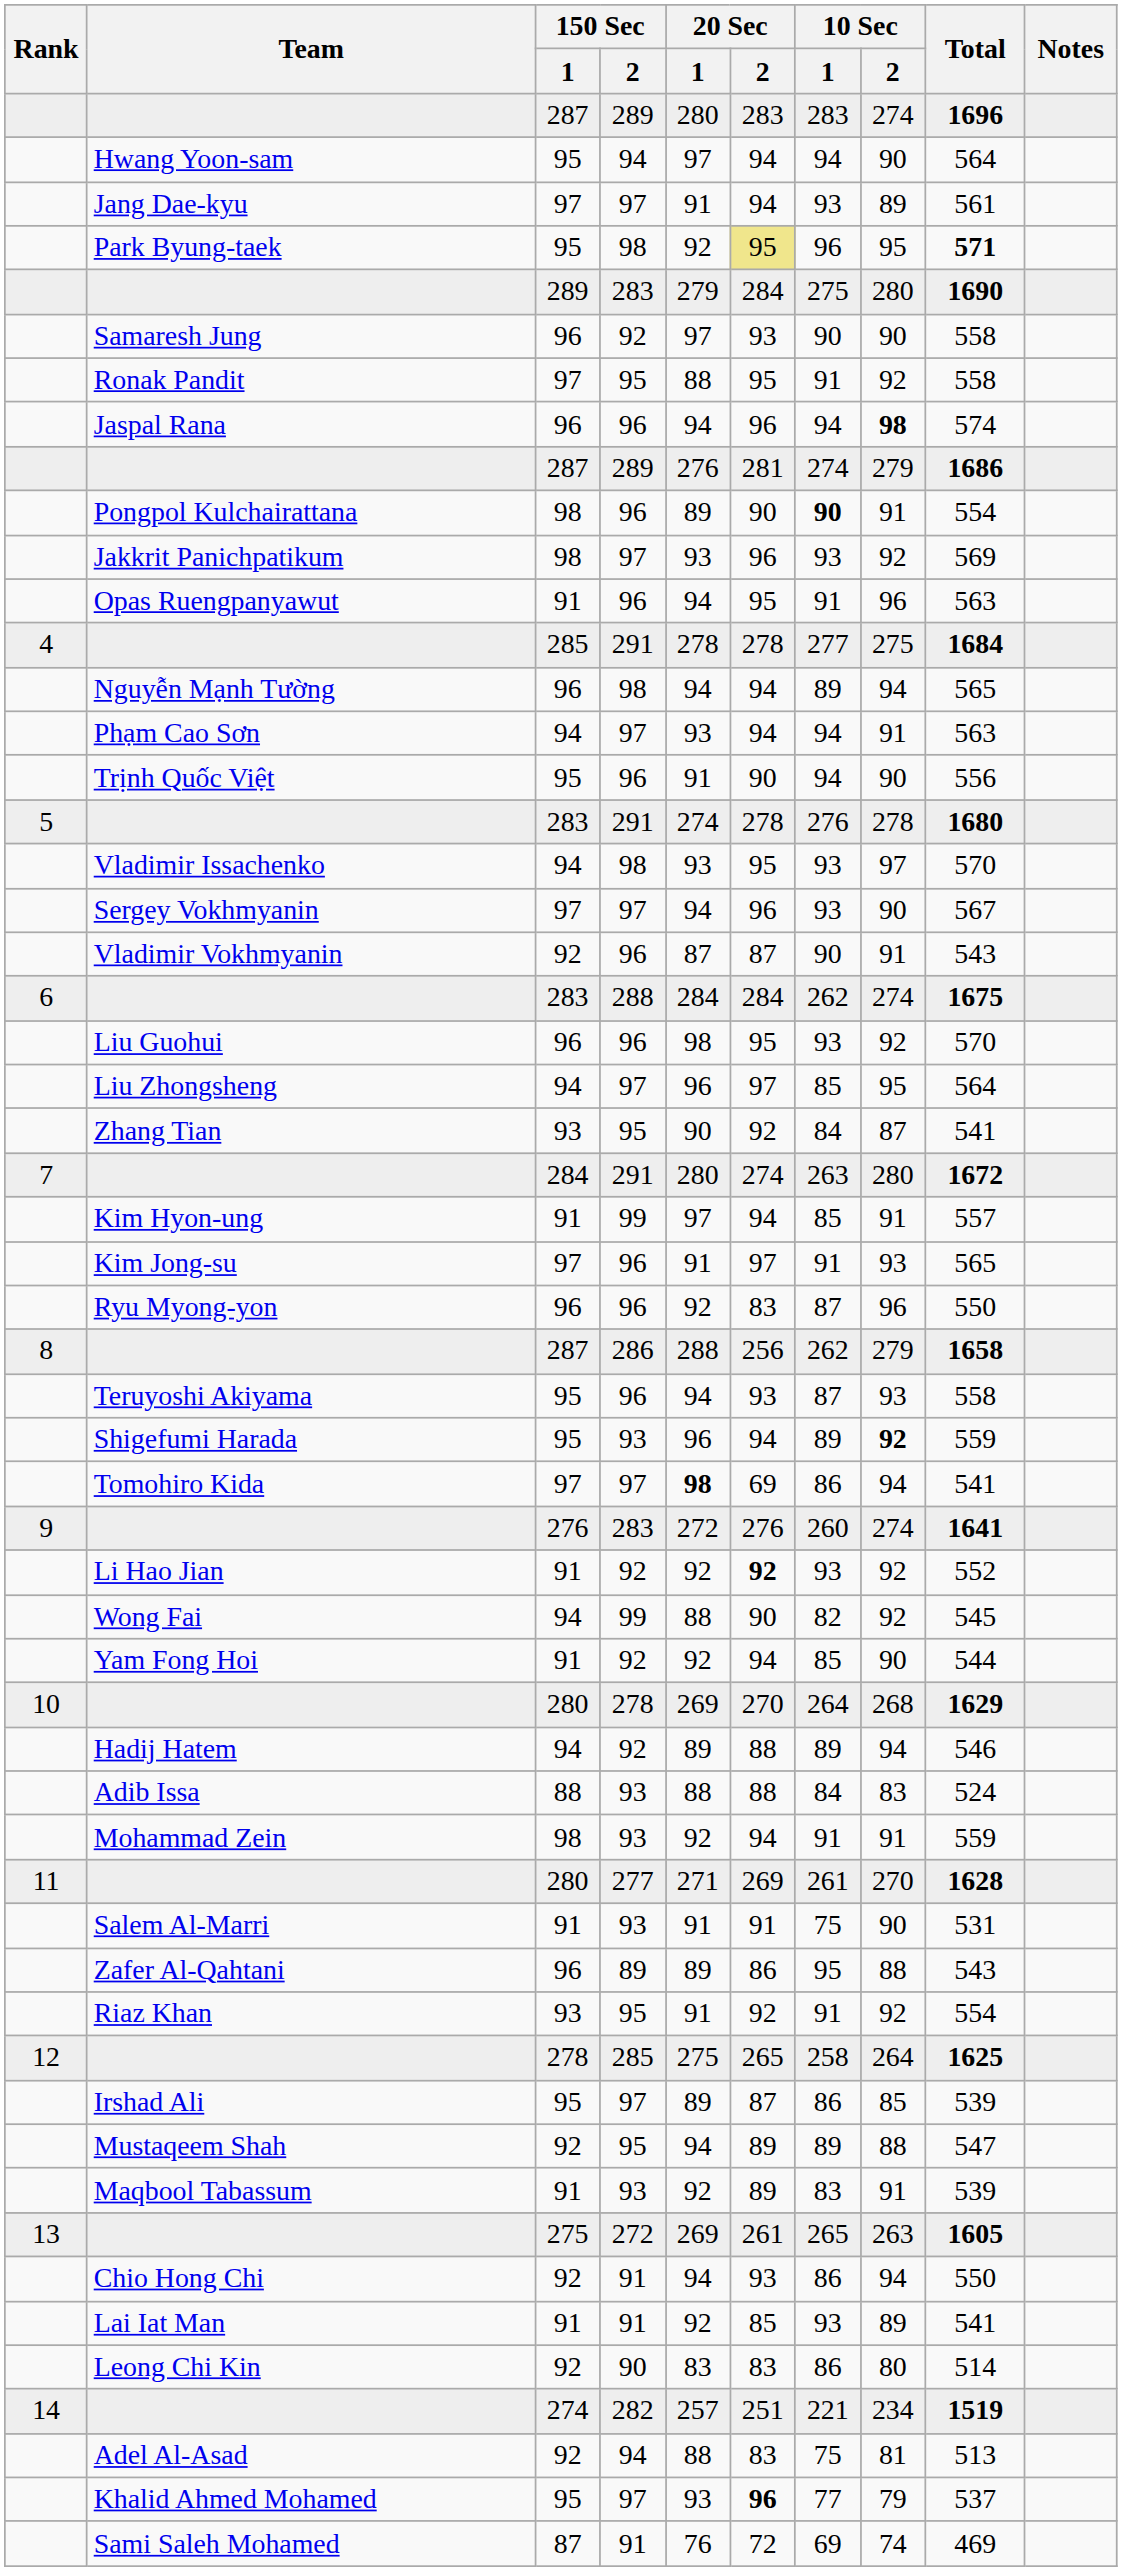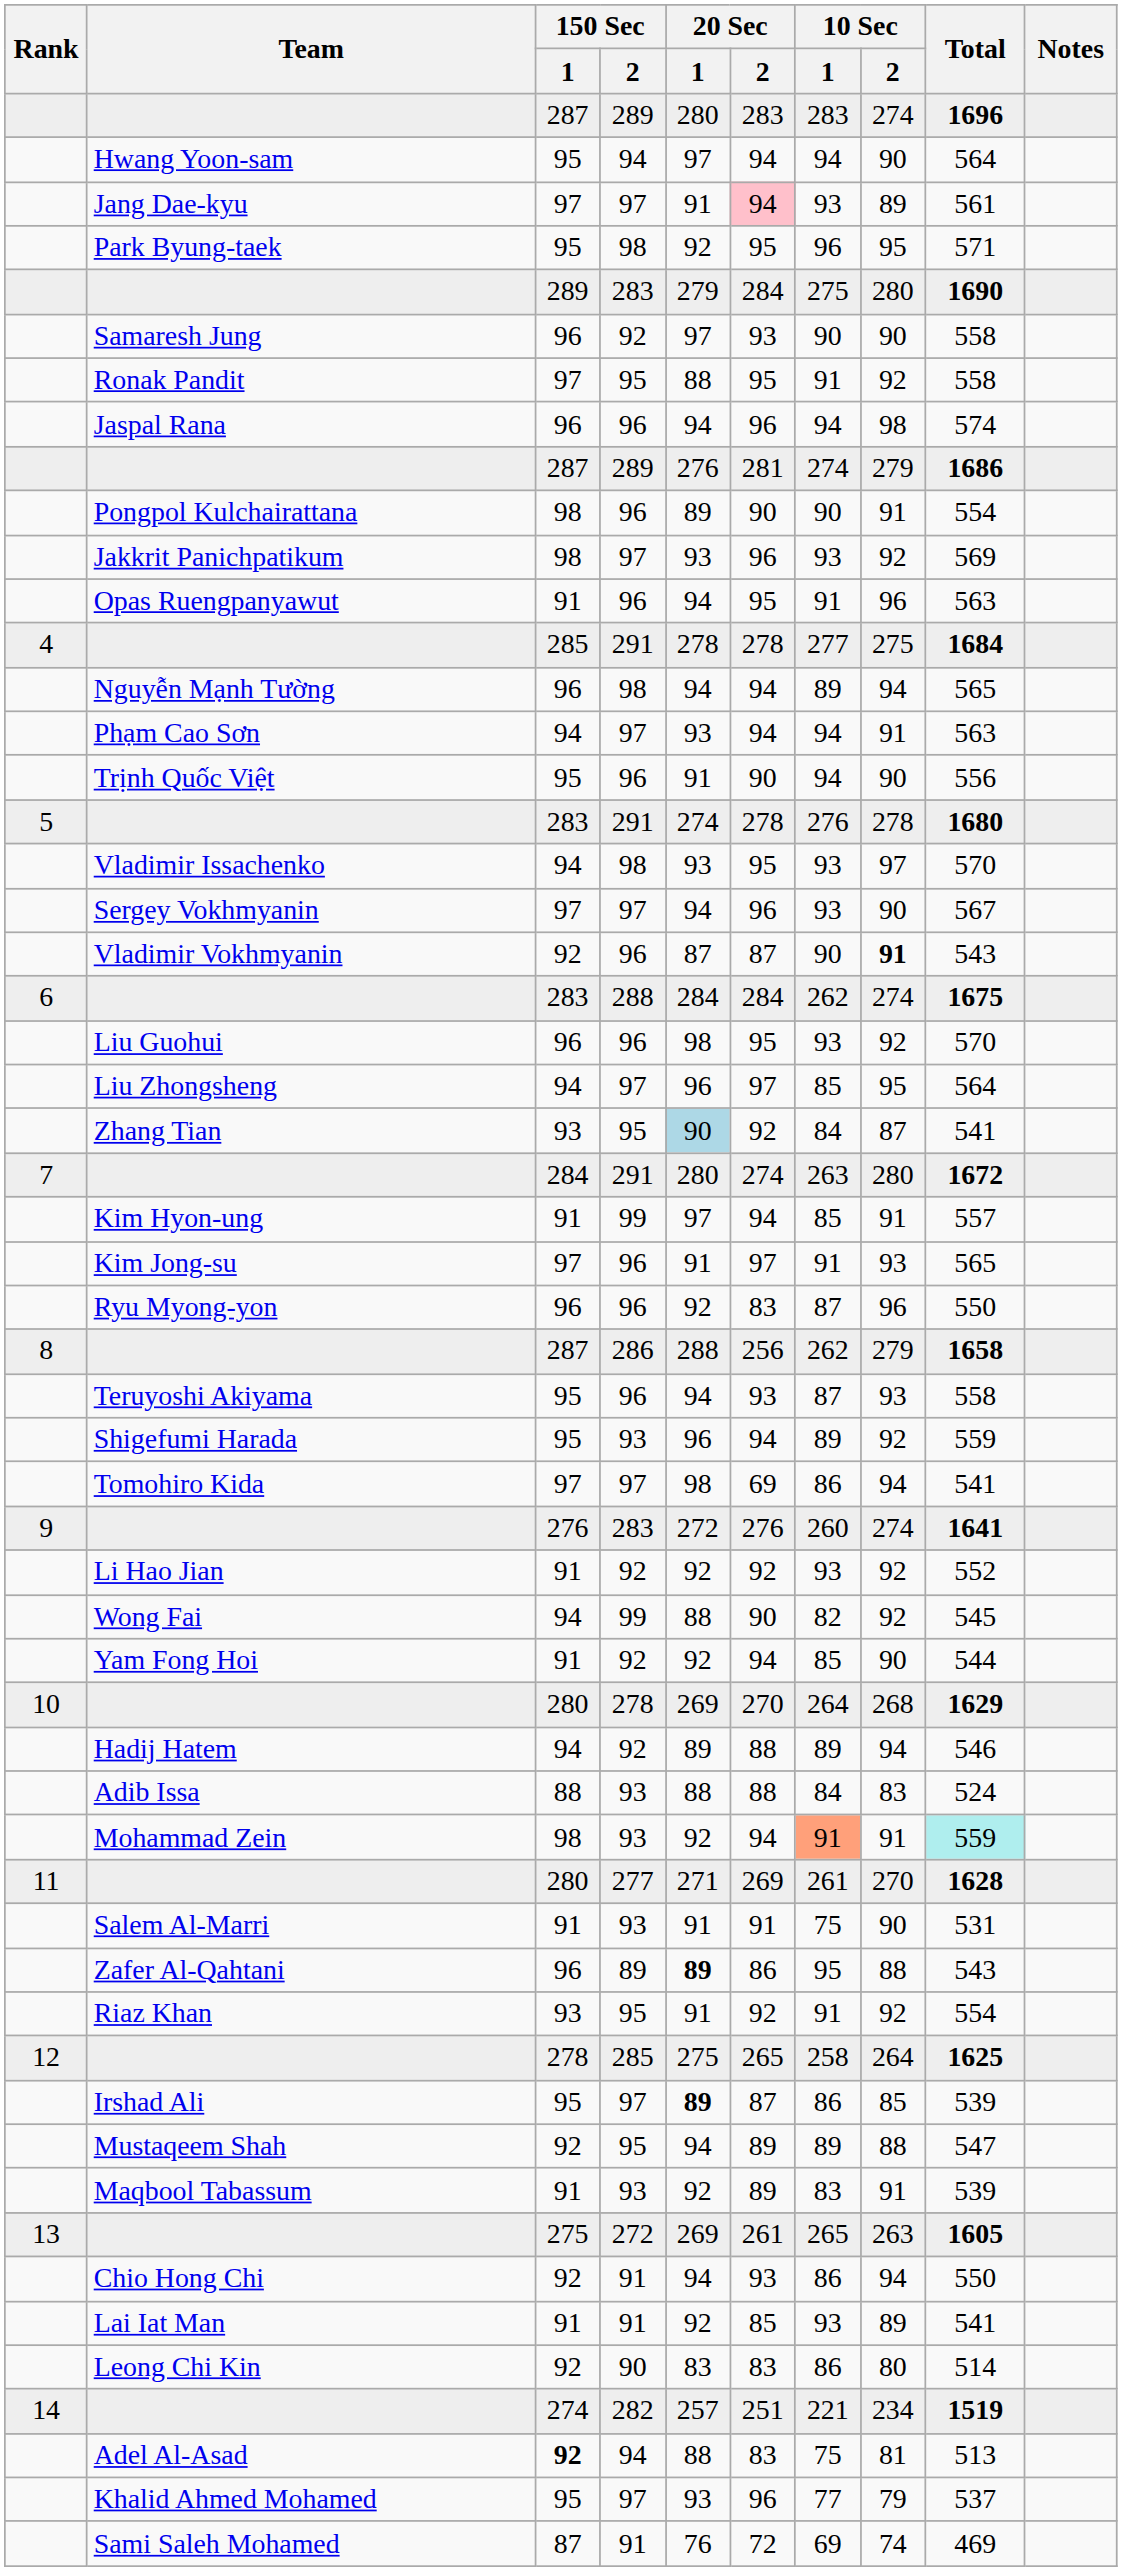 <table class="wikitable" style="text-align:center">
 <tr>
 <th rowspan=2 width=40>Rank</th>
 <th rowspan=2 width=250>Team</th>
 <th colspan=2>150 Sec</th>
 <th colspan=2>20 Sec</th>
 <th colspan=2>10 Sec</th>
 <th rowspan=2 width=50>Total</th>
 <th rowspan=2 width=45>Notes</th>
 </tr>
 <tr>
 <th width=30>1</th>
 <th width=30>2</th>
 <th width=30>1</th>
 <th width=30>2</th>
 <th width=30>1</th>
 <th width=30>2</th>
 </tr>
 <tr bgcolor=eeeeee>
 <td></td>
 <td align=left></td>
 <td>287</td>
 <td>289</td>
 <td>280</td>
 <td>283</td>
 <td>283</td>
 <td>274</td>
 <td><strong>1696</strong></td>
 <td></td>
 </tr>
 <tr>
 <td></td>
 <td align=left><a href='#'>Hwang Yoon-sam</a></td>
 <td>95</td>
 <td>94</td>
 <td>97</td>
 <td>94</td>
 <td>94</td>
 <td>90</td>
 <td>564</td>
 <td></td>
 </tr>
 <tr>
 <td></td>
 <td align=left><a href='#'>Jang Dae-kyu</a></td>
 <td>97</td>
 <td>97</td>
 <td>91</td>
-<td>94</td>
+<td style="background: pink;">94</td>
 <td>93</td>
 <td>89</td>
 <td>561</td>
 <td></td>
 </tr>
 <tr>
 <td></td>
 <td align=left><a href='#'>Park Byung-taek</a></td>
 <td>95</td>
 <td>98</td>
 <td>92</td>
-<td style="background: khaki;">95</td>
+<td>95</td>
 <td>96</td>
 <td>95</td>
-<td><strong>571</strong></td>
+<td>571</td>
 <td></td>
 </tr>
 <tr bgcolor=eeeeee>
 <td></td>
 <td align=left></td>
 <td>289</td>
 <td>283</td>
 <td>279</td>
 <td>284</td>
 <td>275</td>
 <td>280</td>
 <td><strong>1690</strong></td>
 <td></td>
 </tr>
 <tr>
 <td></td>
 <td align=left><a href='#'>Samaresh Jung</a></td>
 <td>96</td>
 <td>92</td>
 <td>97</td>
 <td>93</td>
 <td>90</td>
 <td>90</td>
 <td>558</td>
 <td></td>
 </tr>
 <tr>
 <td></td>
 <td align=left><a href='#'>Ronak Pandit</a></td>
 <td>97</td>
 <td>95</td>
 <td>88</td>
 <td>95</td>
 <td>91</td>
 <td>92</td>
 <td>558</td>
 <td></td>
 </tr>
 <tr>
 <td></td>
 <td align=left><a href='#'>Jaspal Rana</a></td>
 <td>96</td>
 <td>96</td>
 <td>94</td>
 <td>96</td>
 <td>94</td>
-<td><strong>98</strong></td>
+<td>98</td>
 <td>574</td>
 <td></td>
 </tr>
 <tr bgcolor=eeeeee>
 <td></td>
 <td align=left></td>
 <td>287</td>
 <td>289</td>
 <td>276</td>
 <td>281</td>
 <td>274</td>
 <td>279</td>
 <td><strong>1686</strong></td>
 <td></td>
 </tr>
 <tr>
 <td></td>
 <td align=left><a href='#'>Pongpol Kulchairattana</a></td>
 <td>98</td>
 <td>96</td>
 <td>89</td>
 <td>90</td>
-<td><strong>90</strong></td>
+<td>90</td>
 <td>91</td>
 <td>554</td>
 <td></td>
 </tr>
 <tr>
 <td></td>
 <td align=left><a href='#'>Jakkrit Panichpatikum</a></td>
 <td>98</td>
 <td>97</td>
 <td>93</td>
 <td>96</td>
 <td>93</td>
 <td>92</td>
 <td>569</td>
 <td></td>
 </tr>
 <tr>
 <td></td>
 <td align=left><a href='#'>Opas Ruengpanyawut</a></td>
 <td>91</td>
 <td>96</td>
 <td>94</td>
 <td>95</td>
 <td>91</td>
 <td>96</td>
 <td>563</td>
 <td></td>
 </tr>
 <tr bgcolor=eeeeee>
 <td>4</td>
 <td align=left></td>
 <td>285</td>
 <td>291</td>
 <td>278</td>
 <td>278</td>
 <td>277</td>
 <td>275</td>
 <td><strong>1684</strong></td>
 <td></td>
 </tr>
 <tr>
 <td></td>
 <td align=left><a href='#'>Nguyễn Mạnh Tường</a></td>
 <td>96</td>
 <td>98</td>
 <td>94</td>
 <td>94</td>
 <td>89</td>
 <td>94</td>
 <td>565</td>
 <td></td>
 </tr>
 <tr>
 <td></td>
 <td align=left><a href='#'>Phạm Cao Sơn</a></td>
 <td>94</td>
 <td>97</td>
 <td>93</td>
 <td>94</td>
 <td>94</td>
 <td>91</td>
 <td>563</td>
 <td></td>
 </tr>
 <tr>
 <td></td>
 <td align=left><a href='#'>Trịnh Quốc Việt</a></td>
 <td>95</td>
 <td>96</td>
 <td>91</td>
 <td>90</td>
 <td>94</td>
 <td>90</td>
 <td>556</td>
 <td></td>
 </tr>
 <tr bgcolor=eeeeee>
 <td>5</td>
 <td align=left></td>
 <td>283</td>
 <td>291</td>
 <td>274</td>
 <td>278</td>
 <td>276</td>
 <td>278</td>
 <td><strong>1680</strong></td>
 <td></td>
 </tr>
 <tr>
 <td></td>
 <td align=left><a href='#'>Vladimir Issachenko</a></td>
 <td>94</td>
 <td>98</td>
 <td>93</td>
 <td>95</td>
 <td>93</td>
 <td>97</td>
 <td>570</td>
 <td></td>
 </tr>
 <tr>
 <td></td>
 <td align=left><a href='#'>Sergey Vokhmyanin</a></td>
 <td>97</td>
 <td>97</td>
 <td>94</td>
 <td>96</td>
 <td>93</td>
 <td>90</td>
 <td>567</td>
 <td></td>
 </tr>
 <tr>
 <td></td>
 <td align=left><a href='#'>Vladimir Vokhmyanin</a></td>
 <td>92</td>
 <td>96</td>
 <td>87</td>
 <td>87</td>
 <td>90</td>
-<td>91</td>
+<td><strong>91</strong></td>
 <td>543</td>
 <td></td>
 </tr>
 <tr bgcolor=eeeeee>
 <td>6</td>
 <td align=left></td>
 <td>283</td>
 <td>288</td>
 <td>284</td>
 <td>284</td>
 <td>262</td>
 <td>274</td>
 <td><strong>1675</strong></td>
 <td></td>
 </tr>
 <tr>
 <td></td>
 <td align=left><a href='#'>Liu Guohui</a></td>
 <td>96</td>
 <td>96</td>
 <td>98</td>
 <td>95</td>
 <td>93</td>
 <td>92</td>
 <td>570</td>
 <td></td>
 </tr>
 <tr>
 <td></td>
 <td align=left><a href='#'>Liu Zhongsheng</a></td>
 <td>94</td>
 <td>97</td>
 <td>96</td>
 <td>97</td>
 <td>85</td>
 <td>95</td>
 <td>564</td>
 <td></td>
 </tr>
 <tr>
 <td></td>
 <td align=left><a href='#'>Zhang Tian</a></td>
 <td>93</td>
 <td>95</td>
-<td>90</td>
+<td style="background: lightblue;">90</td>
 <td>92</td>
 <td>84</td>
 <td>87</td>
 <td>541</td>
 <td></td>
 </tr>
 <tr bgcolor=eeeeee>
 <td>7</td>
 <td align=left></td>
 <td>284</td>
 <td>291</td>
 <td>280</td>
 <td>274</td>
 <td>263</td>
 <td>280</td>
 <td><strong>1672</strong></td>
 <td></td>
 </tr>
 <tr>
 <td></td>
 <td align=left><a href='#'>Kim Hyon-ung</a></td>
 <td>91</td>
 <td>99</td>
 <td>97</td>
 <td>94</td>
 <td>85</td>
 <td>91</td>
 <td>557</td>
 <td></td>
 </tr>
 <tr>
 <td></td>
 <td align=left><a href='#'>Kim Jong-su</a></td>
 <td>97</td>
 <td>96</td>
 <td>91</td>
 <td>97</td>
 <td>91</td>
 <td>93</td>
 <td>565</td>
 <td></td>
 </tr>
 <tr>
 <td></td>
 <td align=left><a href='#'>Ryu Myong-yon</a></td>
 <td>96</td>
 <td>96</td>
 <td>92</td>
 <td>83</td>
 <td>87</td>
 <td>96</td>
 <td>550</td>
 <td></td>
 </tr>
 <tr bgcolor=eeeeee>
 <td>8</td>
 <td align=left></td>
 <td>287</td>
 <td>286</td>
 <td>288</td>
 <td>256</td>
 <td>262</td>
 <td>279</td>
 <td><strong>1658</strong></td>
 <td></td>
 </tr>
 <tr>
 <td></td>
 <td align=left><a href='#'>Teruyoshi Akiyama</a></td>
 <td>95</td>
 <td>96</td>
 <td>94</td>
 <td>93</td>
 <td>87</td>
 <td>93</td>
 <td>558</td>
 <td></td>
 </tr>
 <tr>
 <td></td>
 <td align=left><a href='#'>Shigefumi Harada</a></td>
 <td>95</td>
 <td>93</td>
 <td>96</td>
 <td>94</td>
 <td>89</td>
-<td><strong>92</strong></td>
+<td>92</td>
 <td>559</td>
 <td></td>
 </tr>
 <tr>
 <td></td>
 <td align=left><a href='#'>Tomohiro Kida</a></td>
 <td>97</td>
 <td>97</td>
-<td><strong>98</strong></td>
+<td>98</td>
 <td>69</td>
 <td>86</td>
 <td>94</td>
 <td>541</td>
 <td></td>
 </tr>
 <tr bgcolor=eeeeee>
 <td>9</td>
 <td align=left></td>
 <td>276</td>
 <td>283</td>
 <td>272</td>
 <td>276</td>
 <td>260</td>
 <td>274</td>
 <td><strong>1641</strong></td>
 <td></td>
 </tr>
 <tr>
 <td></td>
 <td align=left><a href='#'>Li Hao Jian</a></td>
 <td>91</td>
 <td>92</td>
 <td>92</td>
-<td><strong>92</strong></td>
+<td>92</td>
 <td>93</td>
 <td>92</td>
 <td>552</td>
 <td></td>
 </tr>
 <tr>
 <td></td>
 <td align=left><a href='#'>Wong Fai</a></td>
 <td>94</td>
 <td>99</td>
 <td>88</td>
 <td>90</td>
 <td>82</td>
 <td>92</td>
 <td>545</td>
 <td></td>
 </tr>
 <tr>
 <td></td>
 <td align=left><a href='#'>Yam Fong Hoi</a></td>
 <td>91</td>
 <td>92</td>
 <td>92</td>
 <td>94</td>
 <td>85</td>
 <td>90</td>
 <td>544</td>
 <td></td>
 </tr>
 <tr bgcolor=eeeeee>
 <td>10</td>
 <td align=left></td>
 <td>280</td>
 <td>278</td>
 <td>269</td>
 <td>270</td>
 <td>264</td>
 <td>268</td>
 <td><strong>1629</strong></td>
 <td></td>
 </tr>
 <tr>
 <td></td>
 <td align=left><a href='#'>Hadij Hatem</a></td>
 <td>94</td>
 <td>92</td>
 <td>89</td>
 <td>88</td>
 <td>89</td>
 <td>94</td>
 <td>546</td>
 <td></td>
 </tr>
 <tr>
 <td></td>
 <td align=left><a href='#'>Adib Issa</a></td>
 <td>88</td>
 <td>93</td>
 <td>88</td>
 <td>88</td>
 <td>84</td>
 <td>83</td>
 <td>524</td>
 <td></td>
 </tr>
 <tr>
 <td></td>
 <td align=left><a href='#'>Mohammad Zein</a></td>
 <td>98</td>
 <td>93</td>
 <td>92</td>
 <td>94</td>
+<td style="background: lightsalmon;">91</td>
 <td>91</td>
-<td>91</td>
-<td>559</td>
+<td style="background: paleturquoise;">559</td>
 <td></td>
 </tr>
 <tr bgcolor=eeeeee>
 <td>11</td>
 <td align=left></td>
 <td>280</td>
 <td>277</td>
 <td>271</td>
 <td>269</td>
 <td>261</td>
 <td>270</td>
 <td><strong>1628</strong></td>
 <td></td>
 </tr>
 <tr>
 <td></td>
 <td align=left><a href='#'>Salem Al-Marri</a></td>
 <td>91</td>
 <td>93</td>
 <td>91</td>
 <td>91</td>
 <td>75</td>
 <td>90</td>
 <td>531</td>
 <td></td>
 </tr>
 <tr>
 <td></td>
 <td align=left><a href='#'>Zafer Al-Qahtani</a></td>
 <td>96</td>
 <td>89</td>
-<td>89</td>
+<td><strong>89</strong></td>
 <td>86</td>
 <td>95</td>
 <td>88</td>
 <td>543</td>
 <td></td>
 </tr>
 <tr>
 <td></td>
 <td align=left><a href='#'>Riaz Khan</a></td>
 <td>93</td>
 <td>95</td>
 <td>91</td>
 <td>92</td>
 <td>91</td>
 <td>92</td>
 <td>554</td>
 <td></td>
 </tr>
 <tr bgcolor=eeeeee>
 <td>12</td>
 <td align=left></td>
 <td>278</td>
 <td>285</td>
 <td>275</td>
 <td>265</td>
 <td>258</td>
 <td>264</td>
 <td><strong>1625</strong></td>
 <td></td>
 </tr>
 <tr>
 <td></td>
 <td align=left><a href='#'>Irshad Ali</a></td>
 <td>95</td>
 <td>97</td>
-<td>89</td>
+<td><strong>89</strong></td>
 <td>87</td>
 <td>86</td>
 <td>85</td>
 <td>539</td>
 <td></td>
 </tr>
 <tr>
 <td></td>
 <td align=left><a href='#'>Mustaqeem Shah</a></td>
 <td>92</td>
 <td>95</td>
 <td>94</td>
 <td>89</td>
 <td>89</td>
 <td>88</td>
 <td>547</td>
 <td></td>
 </tr>
 <tr>
 <td></td>
 <td align=left><a href='#'>Maqbool Tabassum</a></td>
 <td>91</td>
 <td>93</td>
 <td>92</td>
 <td>89</td>
 <td>83</td>
 <td>91</td>
 <td>539</td>
 <td></td>
 </tr>
 <tr bgcolor=eeeeee>
 <td>13</td>
 <td align=left></td>
 <td>275</td>
 <td>272</td>
 <td>269</td>
 <td>261</td>
 <td>265</td>
 <td>263</td>
 <td><strong>1605</strong></td>
 <td></td>
 </tr>
 <tr>
 <td></td>
 <td align=left><a href='#'>Chio Hong Chi</a></td>
 <td>92</td>
 <td>91</td>
 <td>94</td>
 <td>93</td>
 <td>86</td>
 <td>94</td>
 <td>550</td>
 <td></td>
 </tr>
 <tr>
 <td></td>
 <td align=left><a href='#'>Lai Iat Man</a></td>
 <td>91</td>
 <td>91</td>
 <td>92</td>
 <td>85</td>
 <td>93</td>
 <td>89</td>
 <td>541</td>
 <td></td>
 </tr>
 <tr>
 <td></td>
 <td align=left><a href='#'>Leong Chi Kin</a></td>
 <td>92</td>
 <td>90</td>
 <td>83</td>
 <td>83</td>
 <td>86</td>
 <td>80</td>
 <td>514</td>
 <td></td>
 </tr>
 <tr bgcolor=eeeeee>
 <td>14</td>
 <td align=left></td>
 <td>274</td>
 <td>282</td>
 <td>257</td>
 <td>251</td>
 <td>221</td>
 <td>234</td>
 <td><strong>1519</strong></td>
 <td></td>
 </tr>
 <tr>
 <td></td>
 <td align=left><a href='#'>Adel Al-Asad</a></td>
-<td>92</td>
+<td><strong>92</strong></td>
 <td>94</td>
 <td>88</td>
 <td>83</td>
 <td>75</td>
 <td>81</td>
 <td>513</td>
 <td></td>
 </tr>
 <tr>
 <td></td>
 <td align=left><a href='#'>Khalid Ahmed Mohamed</a></td>
 <td>95</td>
 <td>97</td>
 <td>93</td>
-<td><strong>96</strong></td>
+<td>96</td>
 <td>77</td>
 <td>79</td>
 <td>537</td>
 <td></td>
 </tr>
 <tr>
 <td></td>
 <td align=left><a href='#'>Sami Saleh Mohamed</a></td>
 <td>87</td>
 <td>91</td>
 <td>76</td>
 <td>72</td>
 <td>69</td>
 <td>74</td>
 <td>469</td>
 <td></td>
 </tr>
 </table>
